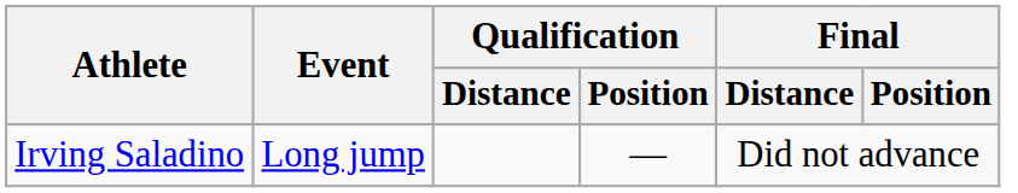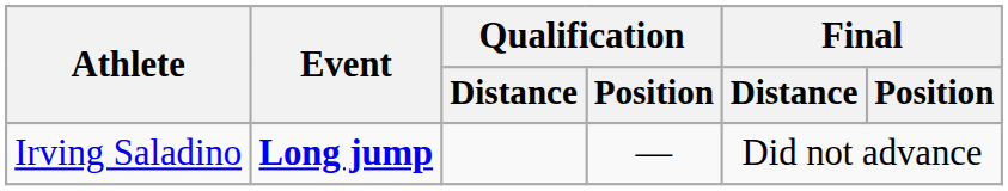 <table class=wikitable style="font-size:90%">
 <tr>
 <th rowspan="2">Athlete</th>
 <th rowspan="2">Event</th>
 <th colspan="2">Qualification</th>
 <th colspan="2">Final</th>
 </tr>
 <tr style="font-size:95%">
 <th>Distance</th>
 <th>Position</th>
 <th>Distance</th>
 <th>Position</th>
 </tr>
 <tr align=center>
 <td align=left><a href='#'>Irving Saladino</a></td>
-<td align=left><a href='#'>Long jump</a></td>
+<td align=left><strong><a href='#'>Long jump</a></strong></td>
 <td></td>
 <td>—</td>
 <td colspan=2>Did not advance</td>
 </tr>
 </table>
